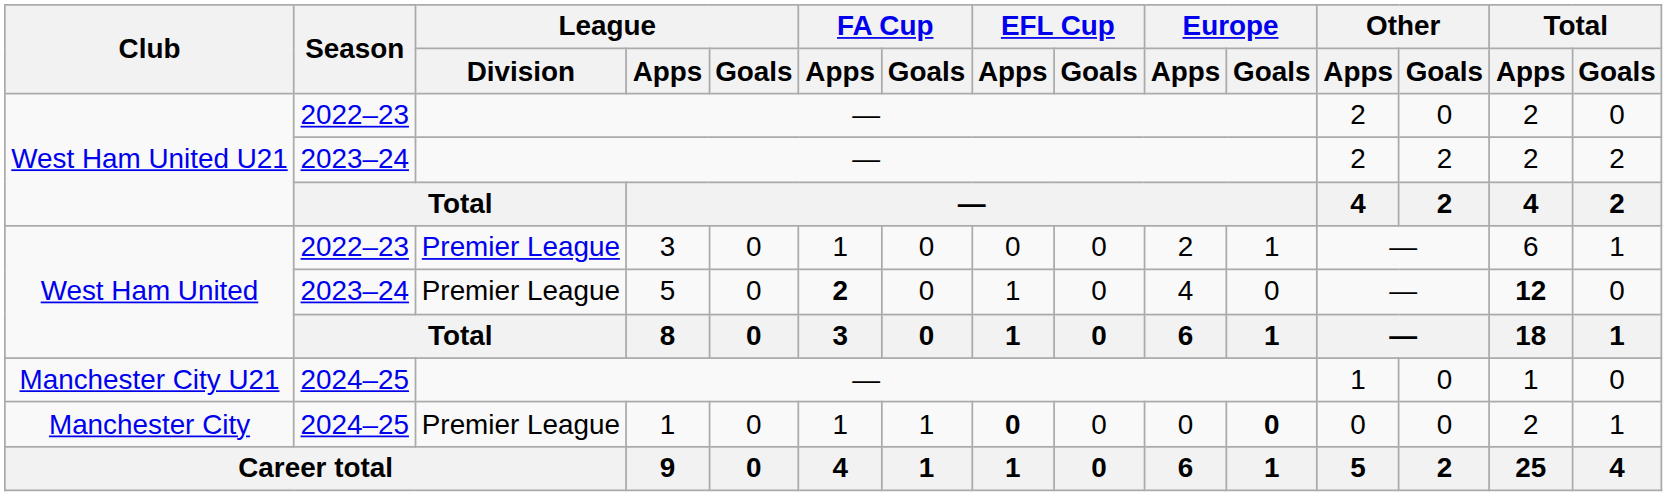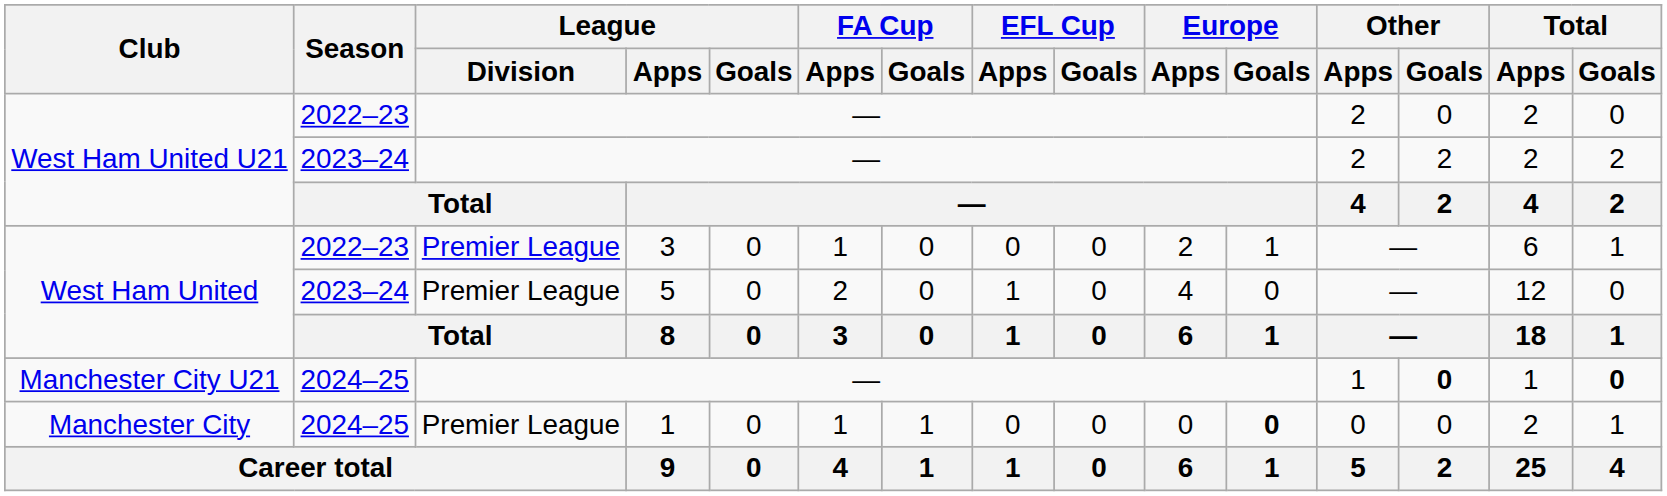 <table class=wikitable style=text-align:center>
 <tr>
 <th rowspan=2>Club</th>
 <th rowspan=2>Season</th>
 <th colspan=3>League</th>
 <th colspan=2><a href='#'>FA Cup</a></th>
 <th colspan=2><a href='#'>EFL Cup</a></th>
 <th colspan=2><a href='#'>Europe</a></th>
 <th colspan=2>Other</th>
 <th colspan=2>Total</th>
 </tr>
 <tr>
 <th>Division</th>
 <th>Apps</th>
 <th>Goals</th>
 <th>Apps</th>
 <th>Goals</th>
 <th>Apps</th>
 <th>Goals</th>
 <th>Apps</th>
 <th>Goals</th>
 <th>Apps</th>
 <th>Goals</th>
 <th>Apps</th>
 <th>Goals</th>
 </tr>
 <tr>
 <td rowspan=3><a href='#'>West Ham United U21</a></td>
 <td><a href='#'>2022–23</a></td>
 <td colspan=9>—</td>
 <td>2</td>
 <td>0</td>
 <td>2</td>
 <td>0</td>
 </tr>
 <tr>
 <td><a href='#'>2023–24</a></td>
 <td colspan=9>—</td>
 <td>2</td>
 <td>2</td>
 <td>2</td>
 <td>2</td>
 </tr>
 <tr>
 <th colspan=2>Total</th>
 <th colspan=8>—</th>
 <th>4</th>
 <th>2</th>
 <th>4</th>
 <th>2</th>
 </tr>
 <tr>
 <td rowspan=3><a href='#'>West Ham United</a></td>
 <td><a href='#'>2022–23</a></td>
 <td><a href='#'>Premier League</a></td>
 <td>3</td>
 <td>0</td>
 <td>1</td>
 <td>0</td>
 <td>0</td>
 <td>0</td>
 <td>2</td>
 <td>1</td>
 <td colspan=2>—</td>
 <td>6</td>
 <td>1</td>
 </tr>
 <tr>
 <td><a href='#'>2023–24</a></td>
 <td>Premier League</td>
 <td>5</td>
 <td>0</td>
-<td><strong>2</strong></td>
+<td>2</td>
 <td>0</td>
 <td>1</td>
 <td>0</td>
 <td>4</td>
 <td>0</td>
 <td colspan=2>—</td>
-<td><strong>12</strong></td>
+<td>12</td>
 <td>0</td>
 </tr>
 <tr>
 <th colspan=2>Total</th>
 <th>8</th>
 <th>0</th>
 <th>3</th>
 <th>0</th>
 <th>1</th>
 <th>0</th>
 <th>6</th>
 <th>1</th>
 <th colspan=2>—</th>
 <th>18</th>
 <th>1</th>
 </tr>
 <tr>
 <td><a href='#'>Manchester City U21</a></td>
 <td><a href='#'>2024–25</a></td>
 <td colspan=9>—</td>
 <td>1</td>
-<td>0</td>
+<td><strong>0</strong></td>
 <td>1</td>
-<td>0</td>
+<td><strong>0</strong></td>
 </tr>
 <tr>
 <td><a href='#'>Manchester City</a></td>
 <td><a href='#'>2024–25</a></td>
 <td>Premier League</td>
 <td>1</td>
 <td>0</td>
 <td>1</td>
 <td>1</td>
-<td><strong>0</strong></td>
+<td>0</td>
 <td>0</td>
 <td>0</td>
 <td><strong>0</strong></td>
 <td>0</td>
 <td>0</td>
 <td>2</td>
 <td>1</td>
 </tr>
 <tr>
 <th colspan=3>Career total</th>
 <th>9</th>
 <th>0</th>
 <th>4</th>
 <th>1</th>
 <th>1</th>
 <th>0</th>
 <th>6</th>
 <th>1</th>
 <th>5</th>
 <th>2</th>
 <th>25</th>
 <th>4</th>
 </tr>
 </table>
